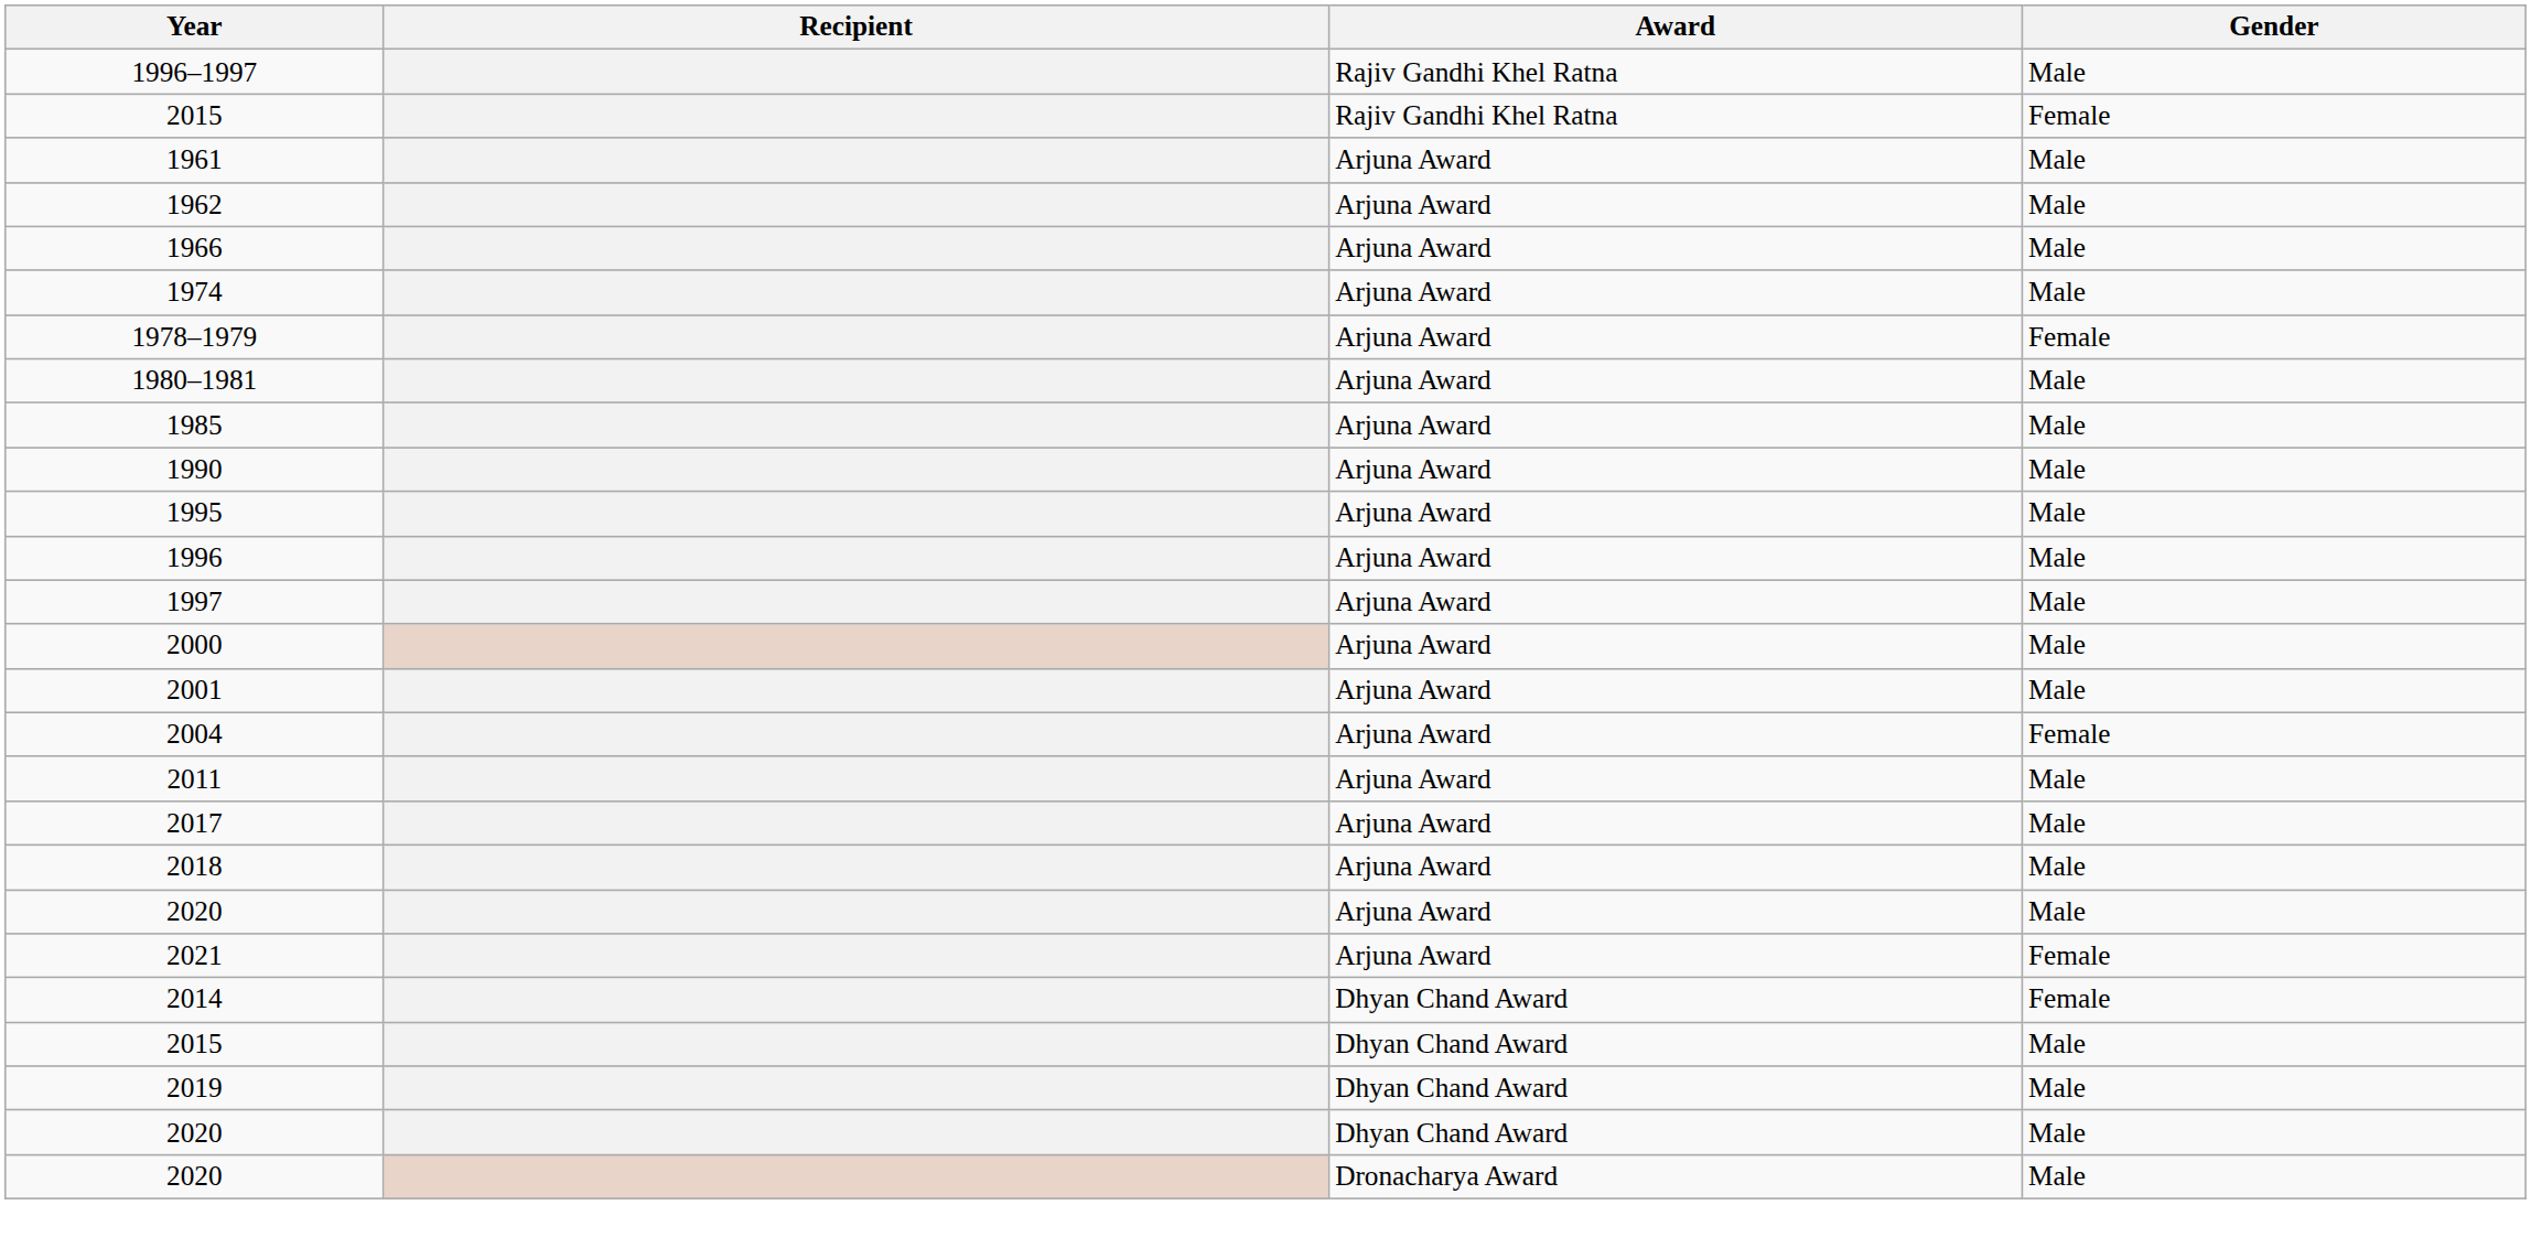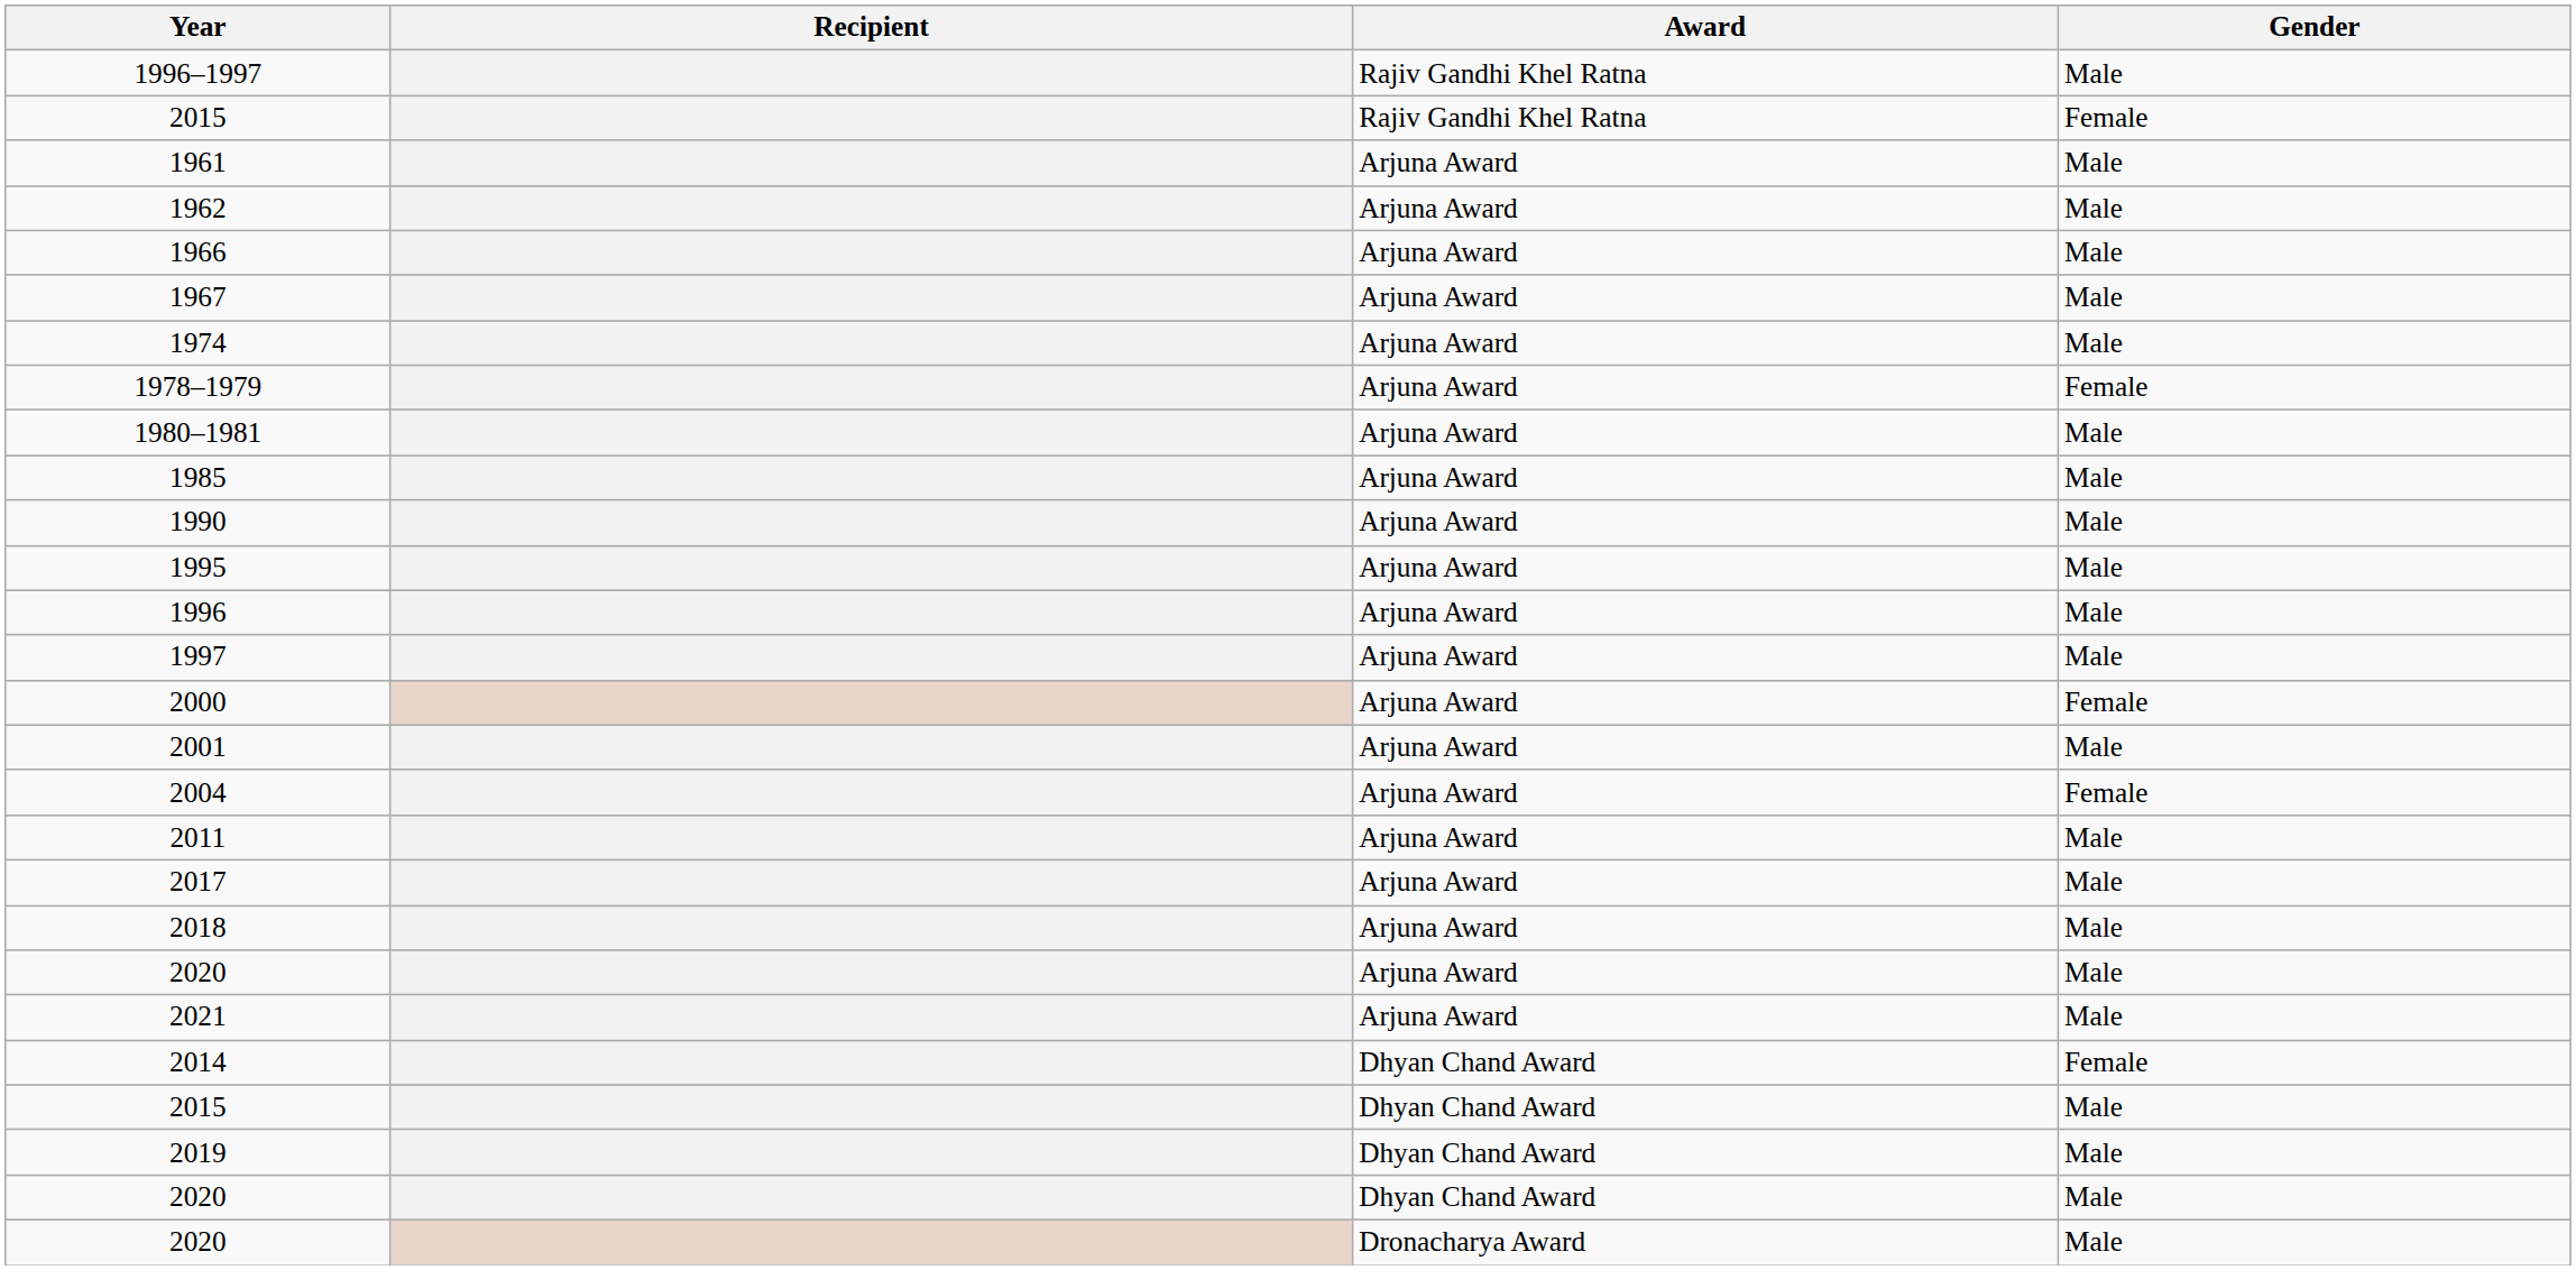 <table class="wikitable plainrowheaders sortable" style="width:73%">
 <tr>
 <th scope="col" style="width:12%">Year</th>
 <th scope="col" style="width:30%">Recipient</th>
 <th scope="col" style="width:22%">Award</th>
 <th scope="col" style="width:16%">Gender</th>
 </tr>
 <tr>
 <td style="text-align:center;">1996–1997</td>
 <th scope="row"></th>
 <td>Rajiv Gandhi Khel Ratna</td>
 <td>Male</td>
 </tr>
 <tr>
 <td style="text-align:center;">2015</td>
 <th scope="row"></th>
 <td>Rajiv Gandhi Khel Ratna</td>
 <td>Female</td>
 </tr>
 <tr>
 <td style="text-align:center;">1961</td>
 <th scope="row"></th>
 <td>Arjuna Award</td>
 <td>Male</td>
 </tr>
 <tr>
 <td style="text-align:center;">1962</td>
 <th scope="row"></th>
 <td>Arjuna Award</td>
 <td>Male</td>
 </tr>
 <tr>
 <td style="text-align:center;">1966</td>
+<th scope="row"></th>
+<td>Arjuna Award</td>
+<td>Male</td>
+</tr>
+<tr>
+<td style="text-align:center;">1967</td>
 <th scope="row"></th>
 <td>Arjuna Award</td>
 <td>Male</td>
 </tr>
 <tr>
 <td style="text-align:center;">1974</td>
 <th scope="row"></th>
 <td>Arjuna Award</td>
 <td>Male</td>
 </tr>
 <tr>
 <td style="text-align:center;">1978–1979</td>
 <th scope="row"></th>
 <td>Arjuna Award</td>
 <td>Female</td>
 </tr>
 <tr>
 <td style="text-align:center;">1980–1981</td>
 <th scope="row"></th>
 <td>Arjuna Award</td>
 <td>Male</td>
 </tr>
 <tr>
 <td style="text-align:center;">1985</td>
 <th scope="row"></th>
 <td>Arjuna Award</td>
 <td>Male</td>
 </tr>
 <tr>
 <td style="text-align:center;">1990</td>
 <th scope="row"></th>
 <td>Arjuna Award</td>
 <td>Male</td>
 </tr>
 <tr>
 <td style="text-align:center;">1995</td>
 <th scope="row"></th>
 <td>Arjuna Award</td>
 <td>Male</td>
 </tr>
 <tr>
 <td style="text-align:center;">1996</td>
 <th scope="row"></th>
 <td>Arjuna Award</td>
 <td>Male</td>
 </tr>
 <tr>
 <td style="text-align:center;">1997</td>
 <th scope="row"></th>
 <td>Arjuna Award</td>
 <td>Male</td>
 </tr>
 <tr>
 <td style="text-align:center;">2000</td>
 <th scope="row" style="background-color:#E9D4C9"> </th>
 <td>Arjuna Award</td>
-<td>Male</td>
+<td>Female</td>
 </tr>
 <tr>
 <td style="text-align:center;">2001</td>
 <th scope="row"></th>
 <td>Arjuna Award</td>
 <td>Male</td>
 </tr>
 <tr>
 <td style="text-align:center;">2004</td>
 <th scope="row"></th>
 <td>Arjuna Award</td>
 <td>Female</td>
 </tr>
 <tr>
 <td style="text-align:center;">2011</td>
 <th scope="row"></th>
 <td>Arjuna Award</td>
 <td>Male</td>
 </tr>
 <tr>
 <td style="text-align:center;">2017</td>
 <th scope="row"></th>
 <td>Arjuna Award</td>
 <td>Male</td>
 </tr>
 <tr>
 <td style="text-align:center;">2018</td>
 <th scope="row"></th>
 <td>Arjuna Award</td>
 <td>Male</td>
 </tr>
 <tr>
 <td style="text-align:center;">2020</td>
 <th scope="row"></th>
 <td>Arjuna Award</td>
 <td>Male</td>
 </tr>
 <tr>
 <td style="text-align:center;">2021</td>
 <th scope="row"></th>
 <td>Arjuna Award</td>
-<td>Female</td>
+<td>Male</td>
 </tr>
 <tr>
 <td style="text-align:center;">2014</td>
 <th scope="row"></th>
 <td>Dhyan Chand Award</td>
 <td>Female</td>
 </tr>
 <tr>
 <td style="text-align:center;">2015</td>
 <th scope="row"></th>
 <td>Dhyan Chand Award</td>
 <td>Male</td>
 </tr>
 <tr>
 <td style="text-align:center;">2019</td>
 <th scope="row"></th>
 <td>Dhyan Chand Award</td>
 <td>Male</td>
 </tr>
 <tr>
 <td style="text-align:center;">2020</td>
 <th scope="row"></th>
 <td>Dhyan Chand Award</td>
 <td>Male</td>
 </tr>
 <tr>
 <td style="text-align:center;">2020</td>
 <th scope="row" style="background-color:#E9D4C9"> </th>
 <td>Dronacharya Award</td>
 <td>Male</td>
 </tr>
 </table>
